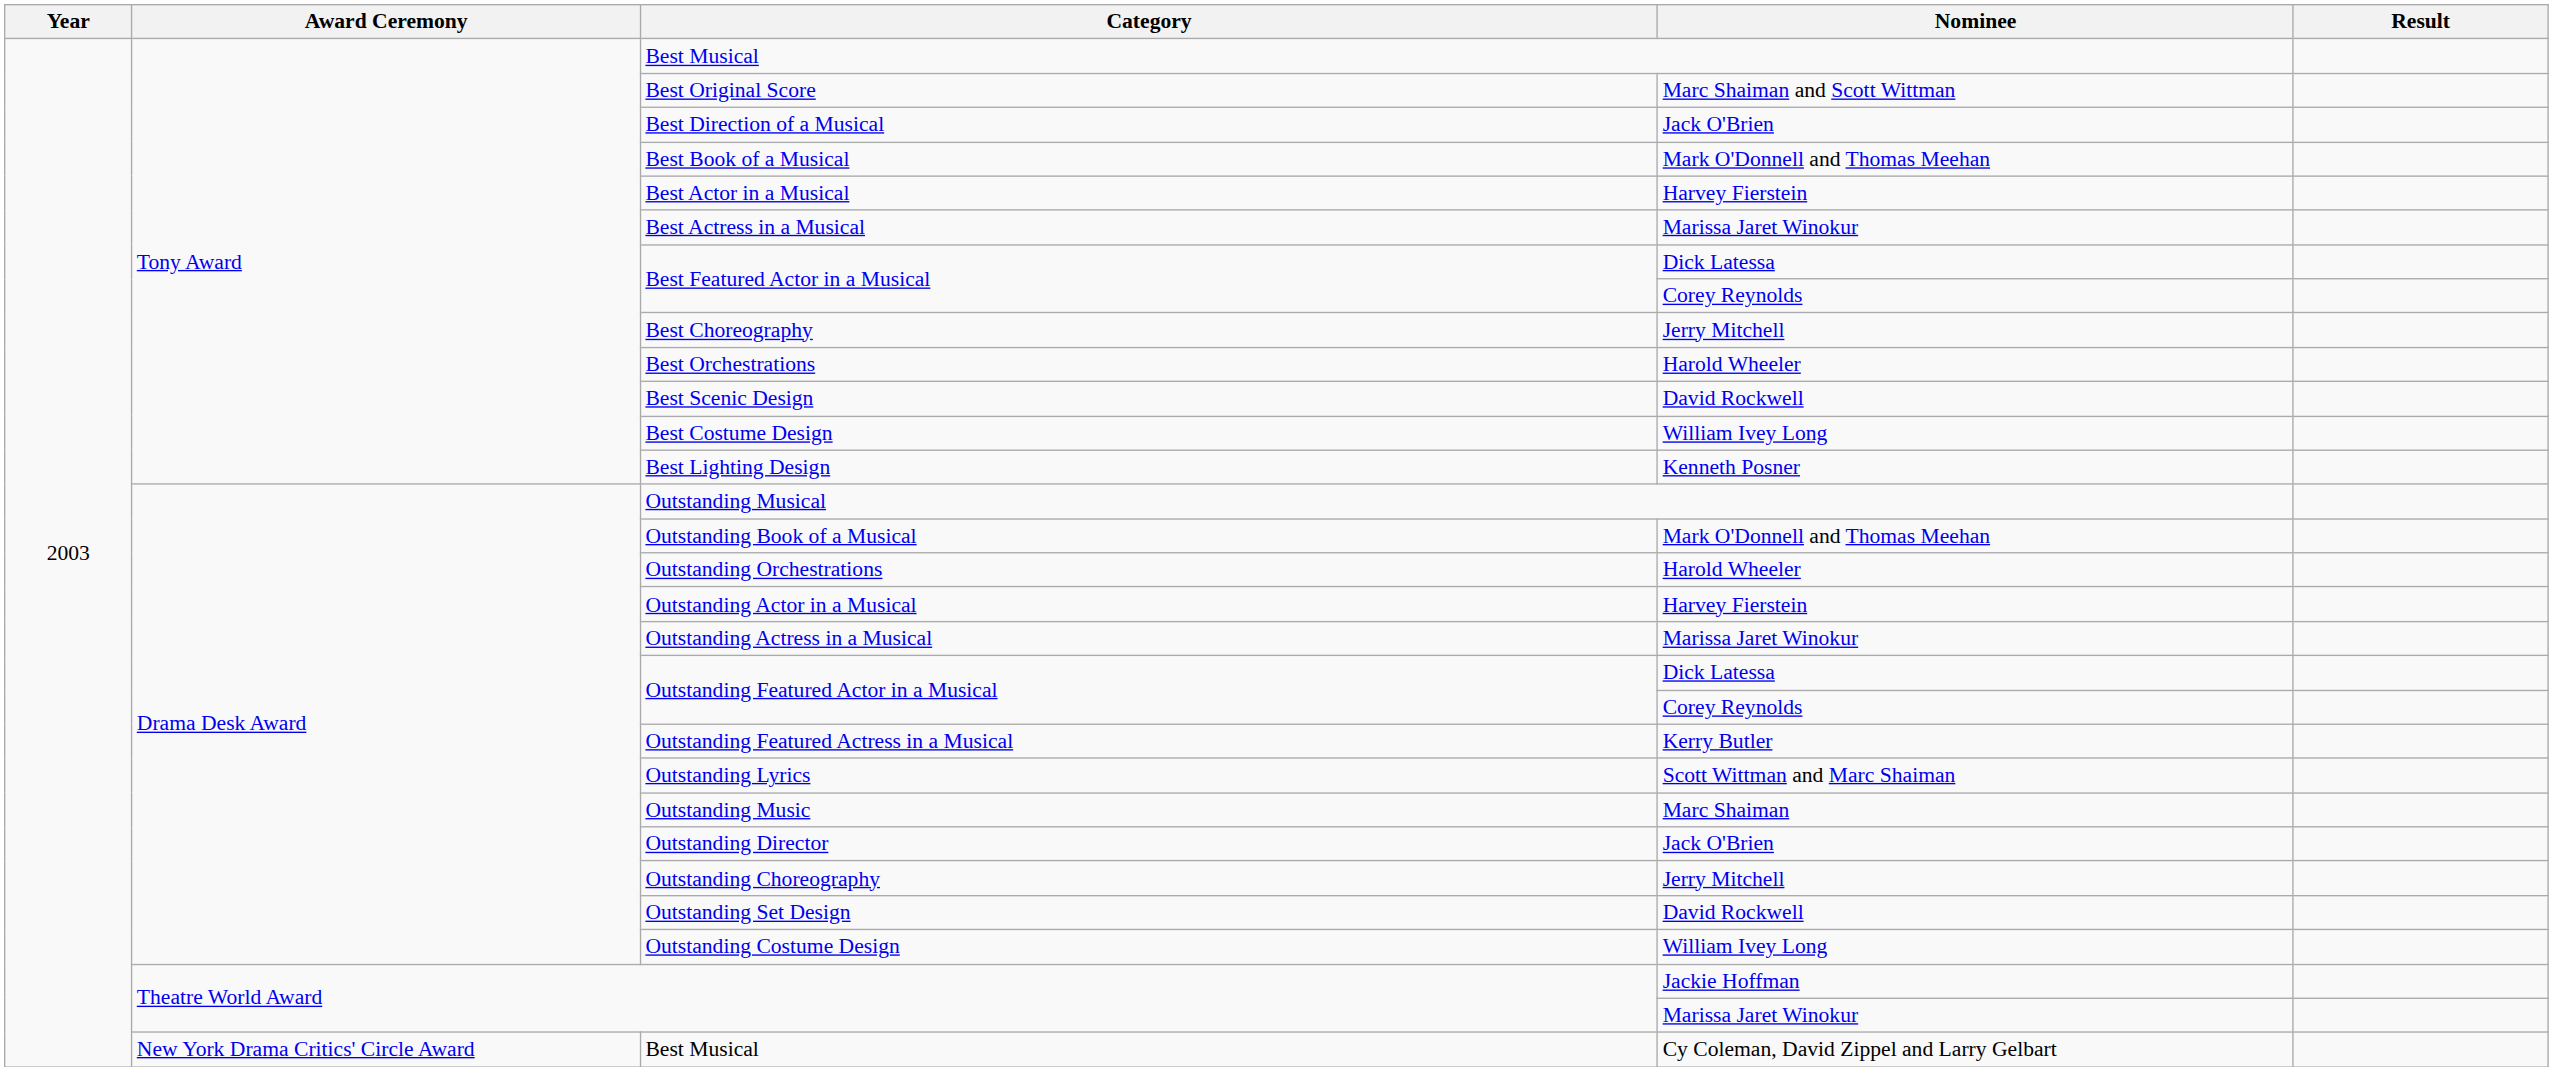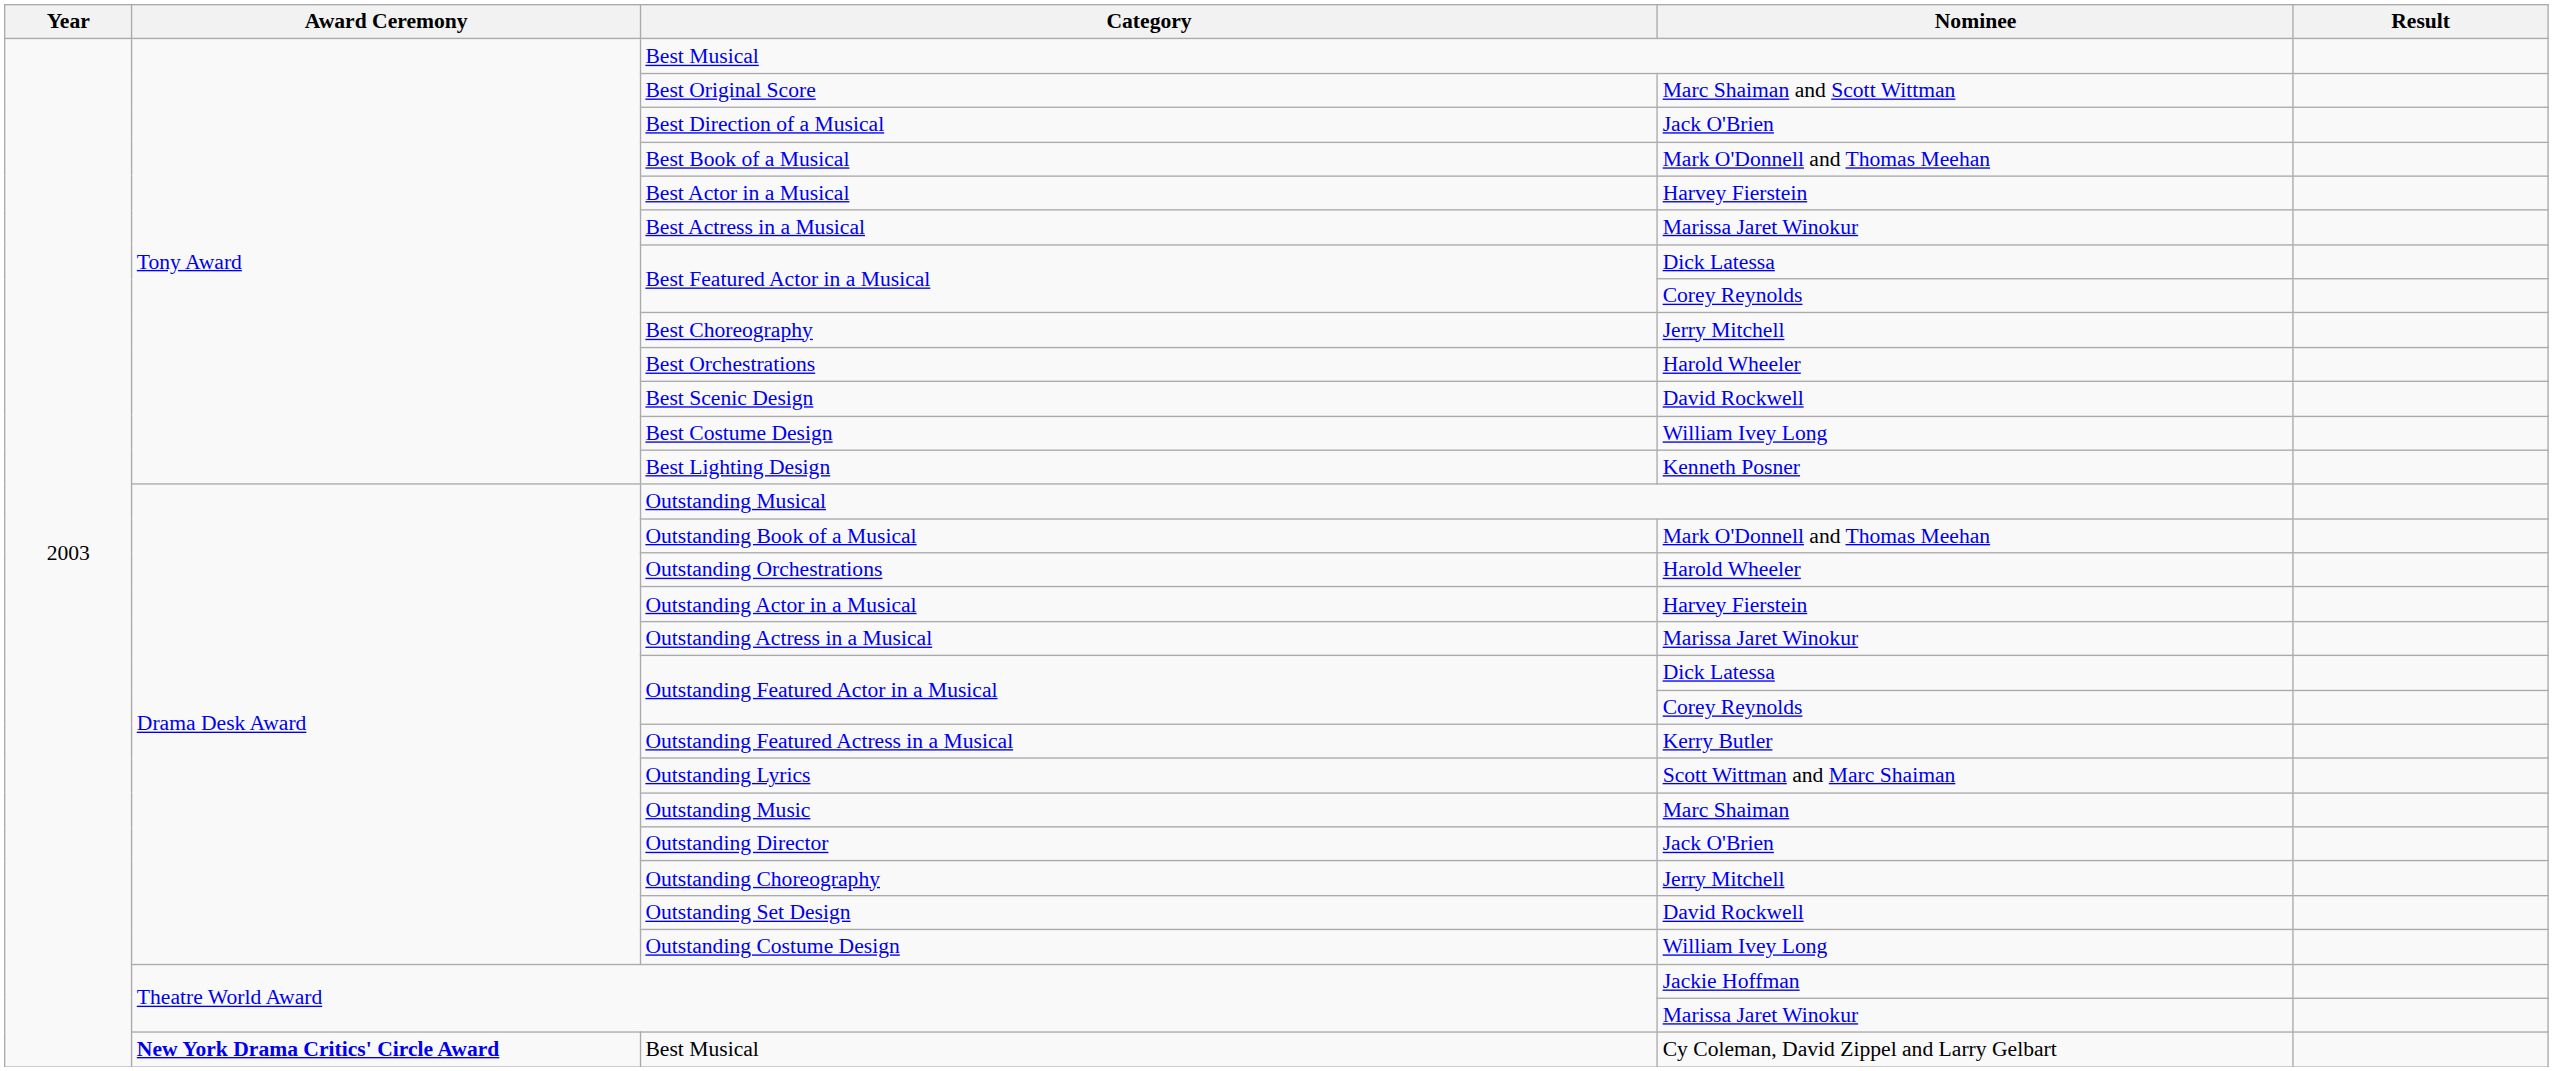 <table class="wikitable" style="width:95%;">
 <tr>
 <th style="width:5%;">Year</th>
 <th style="width:20%;">Award Ceremony</th>
 <th style="width:40%;">Category</th>
 <th style="width:25%;">Nominee</th>
 <th style="width:10%;">Result</th>
 </tr>
 <tr>
 <td rowspan="30" style="text-align:center;">2003</td>
 <td rowspan="13"><a href='#'>Tony Award</a></td>
 <td colspan="2"><a href='#'>Best Musical</a></td>
 <td></td>
 </tr>
 <tr>
 <td><a href='#'>Best Original Score</a></td>
 <td><a href='#'>Marc Shaiman</a> and <a href='#'>Scott Wittman</a></td>
 <td></td>
 </tr>
 <tr>
 <td><a href='#'>Best Direction of a Musical</a></td>
 <td><a href='#'>Jack O'Brien</a></td>
 <td></td>
 </tr>
 <tr>
 <td><a href='#'>Best Book of a Musical</a></td>
 <td><a href='#'>Mark O'Donnell</a> and <a href='#'>Thomas Meehan</a></td>
 <td></td>
 </tr>
 <tr>
 <td><a href='#'>Best Actor in a Musical</a></td>
 <td><a href='#'>Harvey Fierstein</a></td>
 <td></td>
 </tr>
 <tr>
 <td><a href='#'>Best Actress in a Musical</a></td>
 <td><a href='#'>Marissa Jaret Winokur</a></td>
 <td></td>
 </tr>
 <tr>
 <td rowspan="2"><a href='#'>Best Featured Actor in a Musical</a></td>
 <td><a href='#'>Dick Latessa</a></td>
 <td></td>
 </tr>
 <tr>
 <td><a href='#'>Corey Reynolds</a></td>
 <td></td>
 </tr>
 <tr>
 <td><a href='#'>Best Choreography</a></td>
 <td><a href='#'>Jerry Mitchell</a></td>
 <td></td>
 </tr>
 <tr>
 <td><a href='#'>Best Orchestrations</a></td>
 <td><a href='#'>Harold Wheeler</a></td>
 <td></td>
 </tr>
 <tr>
 <td><a href='#'>Best Scenic Design</a></td>
 <td><a href='#'>David Rockwell</a></td>
 <td></td>
 </tr>
 <tr>
 <td><a href='#'>Best Costume Design</a></td>
 <td><a href='#'>William Ivey Long</a></td>
 <td></td>
 </tr>
 <tr>
 <td><a href='#'>Best Lighting Design</a></td>
 <td><a href='#'>Kenneth Posner</a></td>
 <td></td>
 </tr>
 <tr>
 <td rowspan="14"><a href='#'>Drama Desk Award</a></td>
 <td colspan="2"><a href='#'>Outstanding Musical</a></td>
 <td></td>
 </tr>
 <tr>
 <td><a href='#'>Outstanding Book of a Musical</a></td>
 <td><a href='#'>Mark O'Donnell</a> and <a href='#'>Thomas Meehan</a></td>
 <td></td>
 </tr>
 <tr>
 <td><a href='#'>Outstanding Orchestrations</a></td>
 <td><a href='#'>Harold Wheeler</a></td>
 <td></td>
 </tr>
 <tr>
 <td><a href='#'>Outstanding Actor in a Musical</a></td>
 <td><a href='#'>Harvey Fierstein</a></td>
 <td></td>
 </tr>
 <tr>
 <td><a href='#'>Outstanding Actress in a Musical</a></td>
 <td><a href='#'>Marissa Jaret Winokur</a></td>
 <td></td>
 </tr>
 <tr>
 <td rowspan="2"><a href='#'>Outstanding Featured Actor in a Musical</a></td>
 <td><a href='#'>Dick Latessa</a></td>
 <td></td>
 </tr>
 <tr>
 <td><a href='#'>Corey Reynolds</a></td>
 <td></td>
 </tr>
 <tr>
 <td><a href='#'>Outstanding Featured Actress in a Musical</a></td>
 <td><a href='#'>Kerry Butler</a></td>
 <td></td>
 </tr>
 <tr>
 <td><a href='#'>Outstanding Lyrics</a></td>
 <td><a href='#'>Scott Wittman</a> and <a href='#'>Marc Shaiman</a></td>
 <td></td>
 </tr>
 <tr>
 <td><a href='#'>Outstanding Music</a></td>
 <td><a href='#'>Marc Shaiman</a></td>
 <td></td>
 </tr>
 <tr>
 <td><a href='#'>Outstanding Director</a></td>
 <td><a href='#'>Jack O'Brien</a></td>
 <td></td>
 </tr>
 <tr>
 <td><a href='#'>Outstanding Choreography</a></td>
 <td><a href='#'>Jerry Mitchell</a></td>
 <td></td>
 </tr>
 <tr>
 <td><a href='#'>Outstanding Set Design</a></td>
 <td><a href='#'>David Rockwell</a></td>
 <td></td>
 </tr>
 <tr>
 <td><a href='#'>Outstanding Costume Design</a></td>
 <td><a href='#'>William Ivey Long</a></td>
 <td></td>
 </tr>
 <tr>
 <td rowspan="2" colspan="2"><a href='#'>Theatre World Award</a></td>
 <td><a href='#'>Jackie Hoffman</a></td>
 <td></td>
 </tr>
 <tr>
 <td><a href='#'>Marissa Jaret Winokur</a></td>
 <td></td>
 </tr>
 <tr>
-<td><a href='#'>New York Drama Critics' Circle Award</a></td>
+<td><strong><a href='#'>New York Drama Critics' Circle Award</a></strong></td>
 <td>Best Musical</td>
 <td>Cy Coleman, David Zippel and Larry Gelbart</td>
 <td></td>
 </tr>
 </table>
